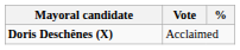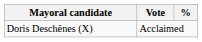 <table class="wikitable">
 <tr>
 <th bgcolor="#DDDDFF" width="200px">Mayoral candidate</th>
 <th bgcolor="#DDDDFF" width="50px">Vote</th>
 <th bgcolor="#DDDDFF"  width="30px">%</th>
 </tr>
 <tr>
-<td><strong>Doris Deschênes (X)</strong></td>
+<td>Doris Deschênes (X)</td>
 <td colspan="2">Acclaimed</td>
 </tr>
 </table>
